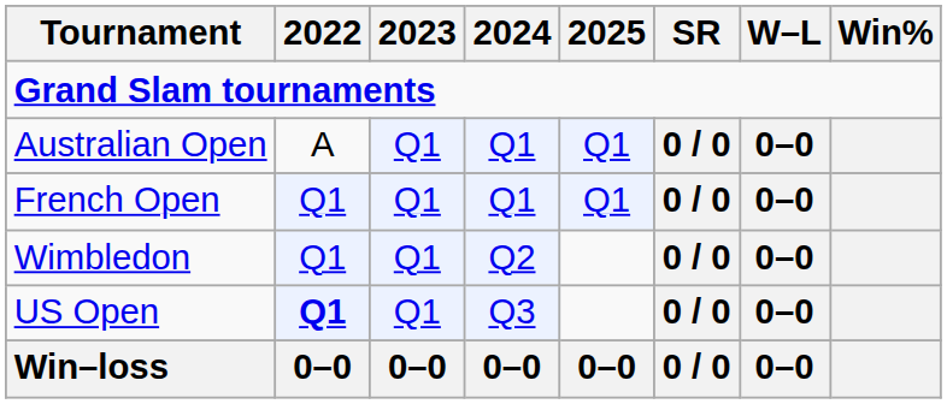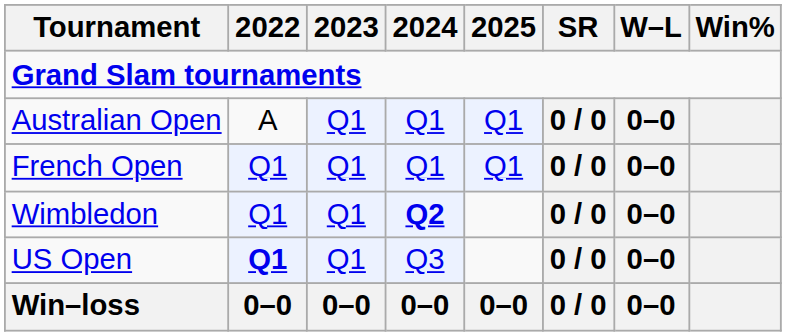 <table class=wikitable style=text-align:center>
 <tr>
 <th>Tournament</th>
 <th>2022</th>
 <th>2023</th>
 <th>2024</th>
 <th>2025</th>
 <th>SR</th>
 <th>W–L</th>
 <th>Win%</th>
 </tr>
 <tr>
 <td colspan="11" style="text-align:left"><a href='#'><strong>Grand Slam tournaments</strong></a></td>
 </tr>
 <tr>
 <td align=left><a href='#'>Australian Open</a></td>
 <td>A</td>
 <td bgcolor=ecf2ff><a href='#'>Q1</a></td>
 <td bgcolor=ecf2ff><a href='#'>Q1</a></td>
 <td bgcolor=ecf2ff><a href='#'>Q1</a></td>
 <th>0 / 0</th>
 <th>0–0</th>
 <th></th>
 </tr>
 <tr>
 <td align=left><a href='#'>French Open</a></td>
 <td bgcolor=ecf2ff><a href='#'>Q1</a></td>
 <td bgcolor=ecf2ff><a href='#'>Q1</a></td>
 <td bgcolor=ecf2ff><a href='#'>Q1</a></td>
 <td bgcolor=ecf2ff><a href='#'>Q1</a></td>
 <th>0 / 0</th>
 <th>0–0</th>
 <th></th>
 </tr>
 <tr>
 <td align=left><a href='#'>Wimbledon</a></td>
 <td bgcolor=ecf2ff><a href='#'>Q1</a></td>
 <td bgcolor=ecf2ff><a href='#'>Q1</a></td>
-<td bgcolor=ecf2ff><a href='#'>Q2</a></td>
+<td bgcolor=ecf2ff><strong><a href='#'>Q2</a></strong></td>
 <td></td>
 <th>0 / 0</th>
 <th>0–0</th>
 <th></th>
 </tr>
 <tr>
 <td align=left><a href='#'>US Open</a></td>
 <td bgcolor=ecf2ff><strong><a href='#'>Q1</a></strong></td>
 <td bgcolor=ecf2ff><a href='#'>Q1</a></td>
 <td bgcolor=ecf2ff><a href='#'>Q3</a></td>
 <td></td>
 <th>0 / 0</th>
 <th>0–0</th>
 <th></th>
 </tr>
 <tr>
 <th style=text-align:left><strong>Win–loss</strong></th>
 <th>0–0</th>
 <th>0–0</th>
 <th>0–0</th>
 <th>0–0</th>
 <th>0 / 0</th>
 <th>0–0</th>
 <th></th>
 </tr>
 </table>
